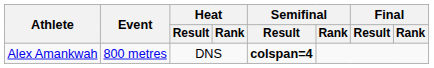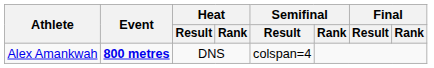 <table class="wikitable" style="font-size:90%">
 <tr>
 <th rowspan="2">Athlete</th>
 <th rowspan="2">Event</th>
 <th colspan="2">Heat</th>
 <th colspan="2">Semifinal</th>
 <th colspan="2">Final</th>
 </tr>
 <tr style="font-size:95%">
 <th>Result</th>
 <th>Rank</th>
 <th>Result</th>
 <th>Rank</th>
 <th>Result</th>
 <th>Rank</th>
 </tr>
 <tr style=text-align:center>
 <td style=text-align:left><a href='#'>Alex Amankwah</a></td>
-<td style=text-align:left><a href='#'>800 metres</a></td>
+<td style=text-align:left><strong><a href='#'>800 metres</a></strong></td>
 <td colspan=2>DNS</td>
-<td><strong>colspan=4 </strong></td>
+<td>colspan=4 </td>
 </tr>
 </table>
